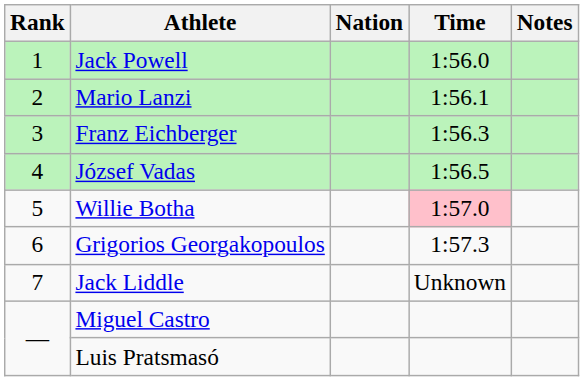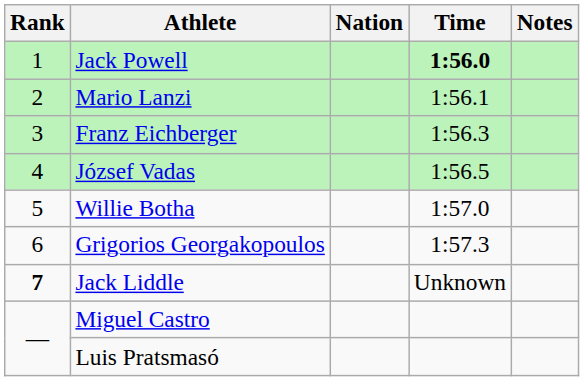 <table class="wikitable sortable" style="text-align:center">
 <tr>
 <th>Rank</th>
 <th>Athlete</th>
 <th>Nation</th>
 <th>Time</th>
 <th>Notes</th>
 </tr>
 <tr bgcolor=bbf3bb>
 <td>1</td>
 <td align=left><a href='#'>Jack Powell</a></td>
 <td align=left></td>
-<td>1:56.0</td>
+<td><strong>1:56.0</strong></td>
 <td></td>
 </tr>
 <tr bgcolor=bbf3bb>
 <td>2</td>
 <td align=left><a href='#'>Mario Lanzi</a></td>
 <td align=left></td>
 <td>1:56.1</td>
 <td></td>
 </tr>
 <tr bgcolor=bbf3bb>
 <td>3</td>
 <td align=left><a href='#'>Franz Eichberger</a></td>
 <td align=left></td>
 <td>1:56.3</td>
 <td></td>
 </tr>
 <tr bgcolor=bbf3bb>
 <td>4</td>
 <td align=left><a href='#'>József Vadas</a></td>
 <td align=left></td>
 <td>1:56.5</td>
 <td></td>
 </tr>
 <tr>
 <td>5</td>
 <td align=left><a href='#'>Willie Botha</a></td>
 <td align=left></td>
-<td style="background: pink;">1:57.0</td>
+<td>1:57.0</td>
 <td></td>
 </tr>
 <tr>
 <td>6</td>
 <td align=left><a href='#'>Grigorios Georgakopoulos</a></td>
 <td align=left></td>
 <td>1:57.3</td>
 <td></td>
 </tr>
 <tr>
-<td>7</td>
+<td><strong>7</strong></td>
 <td align=left><a href='#'>Jack Liddle</a></td>
 <td align=left></td>
 <td data-sort-value=2:00.0>Unknown</td>
 <td></td>
 </tr>
 <tr>
 <td data-sort-value=8 rowspan=2>—</td>
 <td align=left><a href='#'>Miguel Castro</a></td>
 <td align=left></td>
 <td></td>
 <td></td>
 </tr>
 <tr>
 <td align=left>Luis Pratsmasó</td>
 <td align=left></td>
 <td></td>
 <td></td>
 </tr>
 </table>
